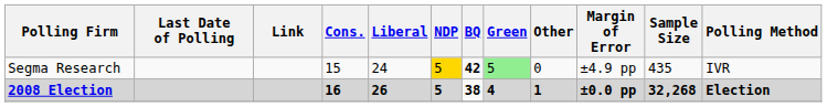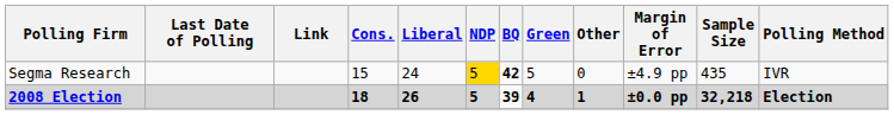 <table class="wikitable sortable">
 <tr style="background:#e9e9e9;">
 <th style="width:120px">Polling Firm</th>
 <th style="width:110px">Last Date<br>of Polling</th>
 <th style="width:60px" class="unsortable">Link</th>
 <th style="background-color:"><strong><a href='#'>Cons.</a></strong></th>
 <th style="background-color:"><strong><a href='#'>Liberal</a></strong></th>
 <th style="background-color:"><strong><a href='#'>NDP</a></strong></th>
 <th style="background-color:"><strong><a href='#'>BQ</a></strong></th>
 <th style="background-color:"><strong><a href='#'>Green</a></strong></th>
 <th style="background-color:"><strong>Other</strong></th>
 <th style="width:60px;" class=unsortable>Margin<br>of Error</th>
 <th style="width:50px;" class=unsortable>Sample<br>Size</th>
 <th class=unsortable>Polling Method</th>
 </tr>
 <tr>
 <td>Segma Research</td>
 <td></td>
 <td></td>
 <td>15</td>
 <td>24</td>
 <td style="background: gold;">5</td>
 <td><strong>42</strong></td>
-<td style="background: lightgreen;">5</td>
+<td>5</td>
 <td>0</td>
 <td>±4.9 pp</td>
 <td>435</td>
 <td>IVR</td>
 </tr>
 <tr>
 <td style="background:#D5D5D5"><strong><a href='#'>2008 Election</a></strong></td>
 <td style="background:#D5D5D5"><strong></strong></td>
 <td style="background:#D5D5D5"></td>
-<td style="background:#D5D5D5"><strong>16</strong></td>
+<td style="background:#D5D5D5"><strong>18</strong></td>
 <td style="background:#D5D5D5"><strong>26</strong></td>
 <td style="background:#D5D5D5"><strong>5</strong></td>
-<td><strong>38</strong></td>
+<td><strong>39</strong></td>
 <td style="background:#D5D5D5"><strong>4</strong></td>
 <td style="background:#D5D5D5"><strong>1</strong></td>
 <td style="background:#D5D5D5"><strong>±0.0 pp</strong></td>
-<td style="background:#D5D5D5"><strong>32,268</strong></td>
+<td style="background:#D5D5D5"><strong>32,218</strong></td>
 <td style="background:#D5D5D5"><strong>Election</strong></td>
 </tr>
 <tr>
 </tr>
 <tr>
 </tr>
 </table>
